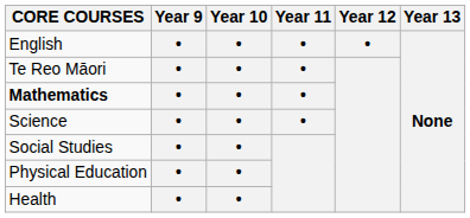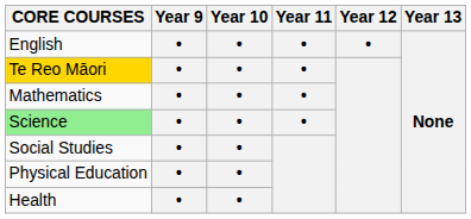 <table class="wikitable">
 <tr>
 <th>CORE COURSES</th>
 <th>Year 9</th>
 <th>Year 10</th>
 <th>Year 11</th>
 <th>Year 12</th>
 <th>Year 13</th>
 </tr>
 <tr>
 <td>English</td>
 <th>•</th>
 <th>•</th>
 <th>•</th>
 <th>•</th>
 <th rowspan="8">None</th>
 </tr>
 <tr>
-<td>Te Reo Māori</td>
+<td style="background: gold;">Te Reo Māori</td>
 <th>•</th>
 <th>•</th>
 <th>•</th>
 <th rowspan="7"></th>
 </tr>
 <tr>
-<td><strong>Mathematics</strong></td>
+<td>Mathematics</td>
 <th>•</th>
 <th>•</th>
 <th>•</th>
 </tr>
 <tr>
-<td>Science</td>
+<td style="background: lightgreen;">Science</td>
 <th>•</th>
 <th>•</th>
 <th>•</th>
 </tr>
 <tr>
 <td>Social Studies</td>
 <th>•</th>
 <th>•</th>
 <th rowspan="4"></th>
 </tr>
 <tr>
 <td>Physical Education</td>
 <th>•</th>
 <th>•</th>
 </tr>
 <tr>
 <td>Health</td>
 <th>•</th>
 <th>•</th>
 </tr>
 </table>
